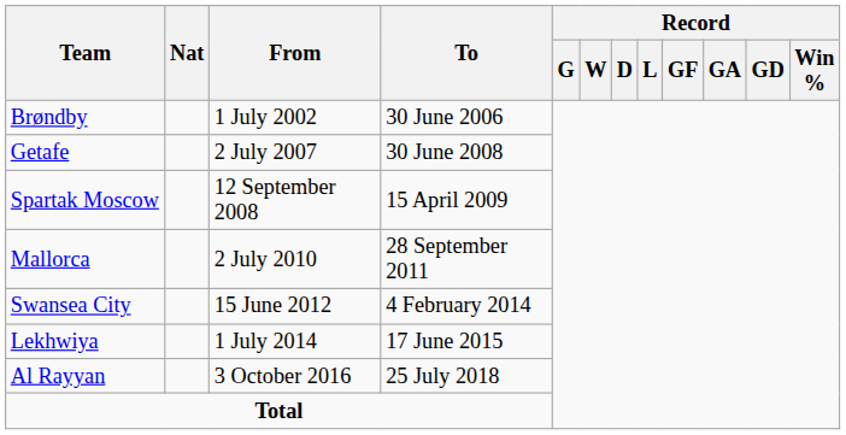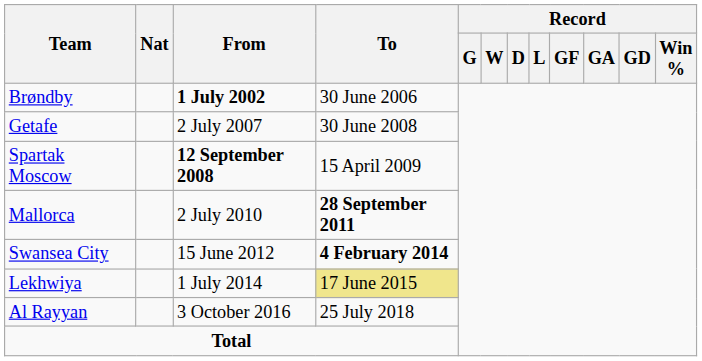 <table class="wikitable" style="text-align: center">
 <tr>
 <th rowspan=2 style="width:120px;">Team</th>
 <th rowspan=2 style="width:10px;">Nat</th>
 <th rowspan=2 style="width:130px;">From</th>
 <th rowspan=2 style="width:130px;">To</th>
 <th colspan=8>Record</th>
 </tr>
 <tr>
 <th>G</th>
 <th>W</th>
 <th>D</th>
 <th>L</th>
 <th>GF</th>
 <th>GA</th>
 <th>GD</th>
 <th>Win %</th>
 </tr>
 <tr>
 <td style="text-align:left;"><a href='#'>Brøndby</a></td>
 <td></td>
-<td style="text-align:left;">1 July 2002</td>
+<td style="text-align:left;"><strong>1 July 2002</strong></td>
 <td align="left">30 June 2006<br></td>
 </tr>
 <tr>
 <td style="text-align:left;"><a href='#'>Getafe</a></td>
 <td></td>
 <td style="text-align:left;">2 July 2007</td>
 <td align="left">30 June 2008<br></td>
 </tr>
 <tr>
 <td style="text-align:left;"><a href='#'>Spartak Moscow</a></td>
 <td></td>
-<td style="text-align:left;">12 September 2008</td>
+<td style="text-align:left;"><strong>12 September 2008</strong></td>
 <td align="left">15 April 2009<br></td>
 </tr>
 <tr>
 <td style="text-align:left;"><a href='#'>Mallorca</a></td>
 <td></td>
 <td style="text-align:left;">2 July 2010</td>
-<td align="left">28 September 2011<br></td>
+<td align="left"><strong>28 September 2011<br></strong></td>
 </tr>
 <tr>
 <td style="text-align:left;"><a href='#'>Swansea City</a></td>
 <td></td>
 <td style="text-align:left;">15 June 2012</td>
-<td style="text-align:left;">4 February 2014<br></td>
+<td style="text-align:left;"><strong>4 February 2014<br></strong></td>
 </tr>
 <tr>
 <td style="text-align:left;"><a href='#'>Lekhwiya</a></td>
 <td></td>
 <td style="text-align:left;">1 July 2014</td>
-<td style="text-align:left;">17 June 2015<br></td>
+<td style="background: khaki; text-align:left;">17 June 2015<br></td>
 </tr>
 <tr>
 <td style="text-align:left;"><a href='#'>Al Rayyan</a></td>
 <td></td>
 <td style="text-align:left;">3 October 2016</td>
 <td style="text-align:left;">25 July 2018<br></td>
 </tr>
 <tr>
 <td colspan=4><strong>Total</strong><br></td>
 </tr>
 </table>
